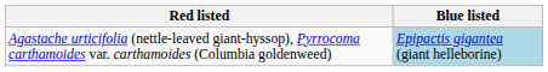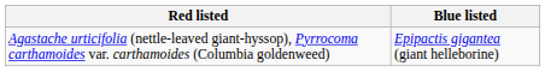 <table class="wikitable">
 <tr>
 <th>Red listed</th>
 <th>Blue listed</th>
 </tr>
 <tr>
 <td><em><a href='#'>Agastache urticifolia</a></em> (nettle-leaved giant-hyssop), <em><a href='#'>Pyrrocoma carthamoides</a></em> var. <em>carthamoides</em> (Columbia goldenweed)</td>
-<td style="background: lightblue;"><em><a href='#'>Epipactis gigantea</a></em> (giant helleborine)</td>
+<td><em><a href='#'>Epipactis gigantea</a></em> (giant helleborine)</td>
 </tr>
 </table>
